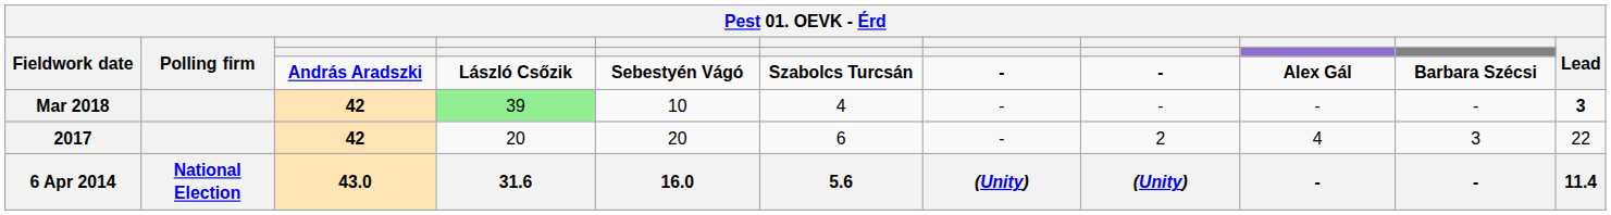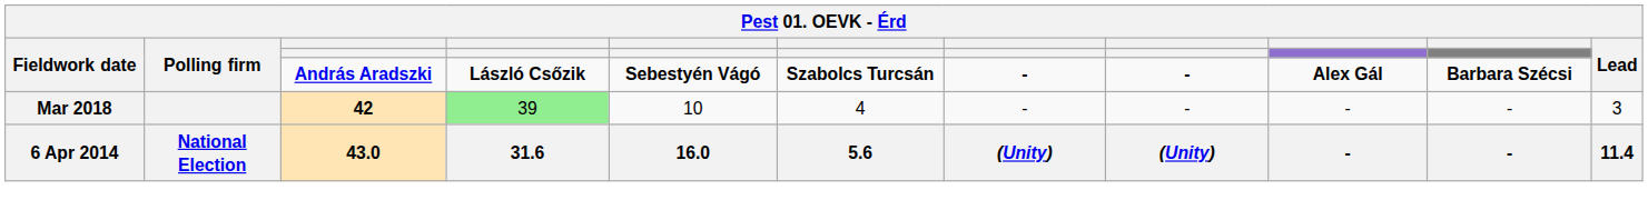 <table class="wikitable mw-collapsible mw-collapsed" style="text-align:center">
 <tr>
 <th colspan="11" style="width: 980pt;"><small><a href='#'>Pest</a> 01. OEVK - <a href='#'>Érd</a></small></th>
 </tr>
 <tr>
 <th rowspan="3" style="width: 80pt;"><small>Fieldwork</small> <small>date</small></th>
 <th rowspan="3" style="width: 80pt;"><strong><small>Polling</small> <small>firm</small></strong></th>
 <th style="width: 100pt;"><small></small></th>
 <th style="width: 100pt;"><small> </small></th>
 <th style="width: 100pt;"></th>
 <th style="width: 100pt;"></th>
 <th style="width: 100pt;"></th>
 <th style="width: 100pt;"></th>
 <th style="width: 100pt;"></th>
 <th style="width: 100pt;"></th>
 <th rowspan="3" style="width: 20pt;"><small>Lead</small></th>
 </tr>
 <tr>
 <th style="color:inherit;background:"></th>
 <th style="color:inherit;background:"></th>
 <th style="color:inherit;background:"></th>
 <th style="color:inherit;background:"></th>
 <th style="color:inherit;background:"></th>
 <th style="color:inherit;background:"></th>
 <th style="color:inherit;background:#8E6FCE;"></th>
 <th style="color:inherit;background:#808080;"></th>
 </tr>
 <tr>
 <td><a href='#'><small><strong>András Aradszki</strong></small></a></td>
 <td><small><strong>László Csőzik</strong></small></td>
 <td><small><strong>Sebestyén Vágó</strong></small></td>
 <td><small><strong>Szabolcs Turcsán</strong></small></td>
 <td><small><strong>-</strong></small></td>
 <td><small><strong>-</strong></small></td>
 <td><small><strong>Alex Gál</strong></small></td>
 <td><small><strong>Barbara Szécsi</strong></small></td>
 </tr>
 <tr>
 <th><small>Mar 2018</small></th>
 <th><small></small></th>
 <td style="background:#FFE5B4"><small><strong>42</strong></small></td>
 <td style="background: lightgreen;"><small>39</small></td>
 <td><small>10</small></td>
 <td><small>4</small></td>
 <td><small>-</small></td>
 <td><small>-</small></td>
 <td><small>-</small></td>
 <td><small>-</small></td>
-<td style="background:"><strong><small>3</small></strong></td>
-</tr>
-<tr>
-<th><small>2017</small></th>
-<th><small></small></th>
-<td style="background:#FFE5B4"><small><strong>42</strong></small></td>
-<td><small>20</small></td>
-<td><small>20</small></td>
-<td><small>6</small></td>
-<td><small>-</small></td>
-<td><small>2</small></td>
-<td><small>4</small></td>
-<td><small>3</small></td>
-<td style="background:"><small>22</small></td>
+<td style="background:"><small>3</small></td>
 </tr>
 <tr>
 <th><small>6 Apr 2014</small></th>
 <th><a href='#'><small>National Election</small></a></th>
 <th style="background:#FFE5B4"><small><strong>43.0</strong></small></th>
 <th><small>31.6</small></th>
 <th><small>16.0</small></th>
 <th><small>5.6</small></th>
 <th><small><em>(<a href='#'>Unity</a>)</em></small></th>
 <th><small><em>(<a href='#'>Unity</a>)</em></small></th>
 <th><small>-</small></th>
 <th><small>-</small></th>
 <th style="background:"><small>11.4</small></th>
 </tr>
 </table>
